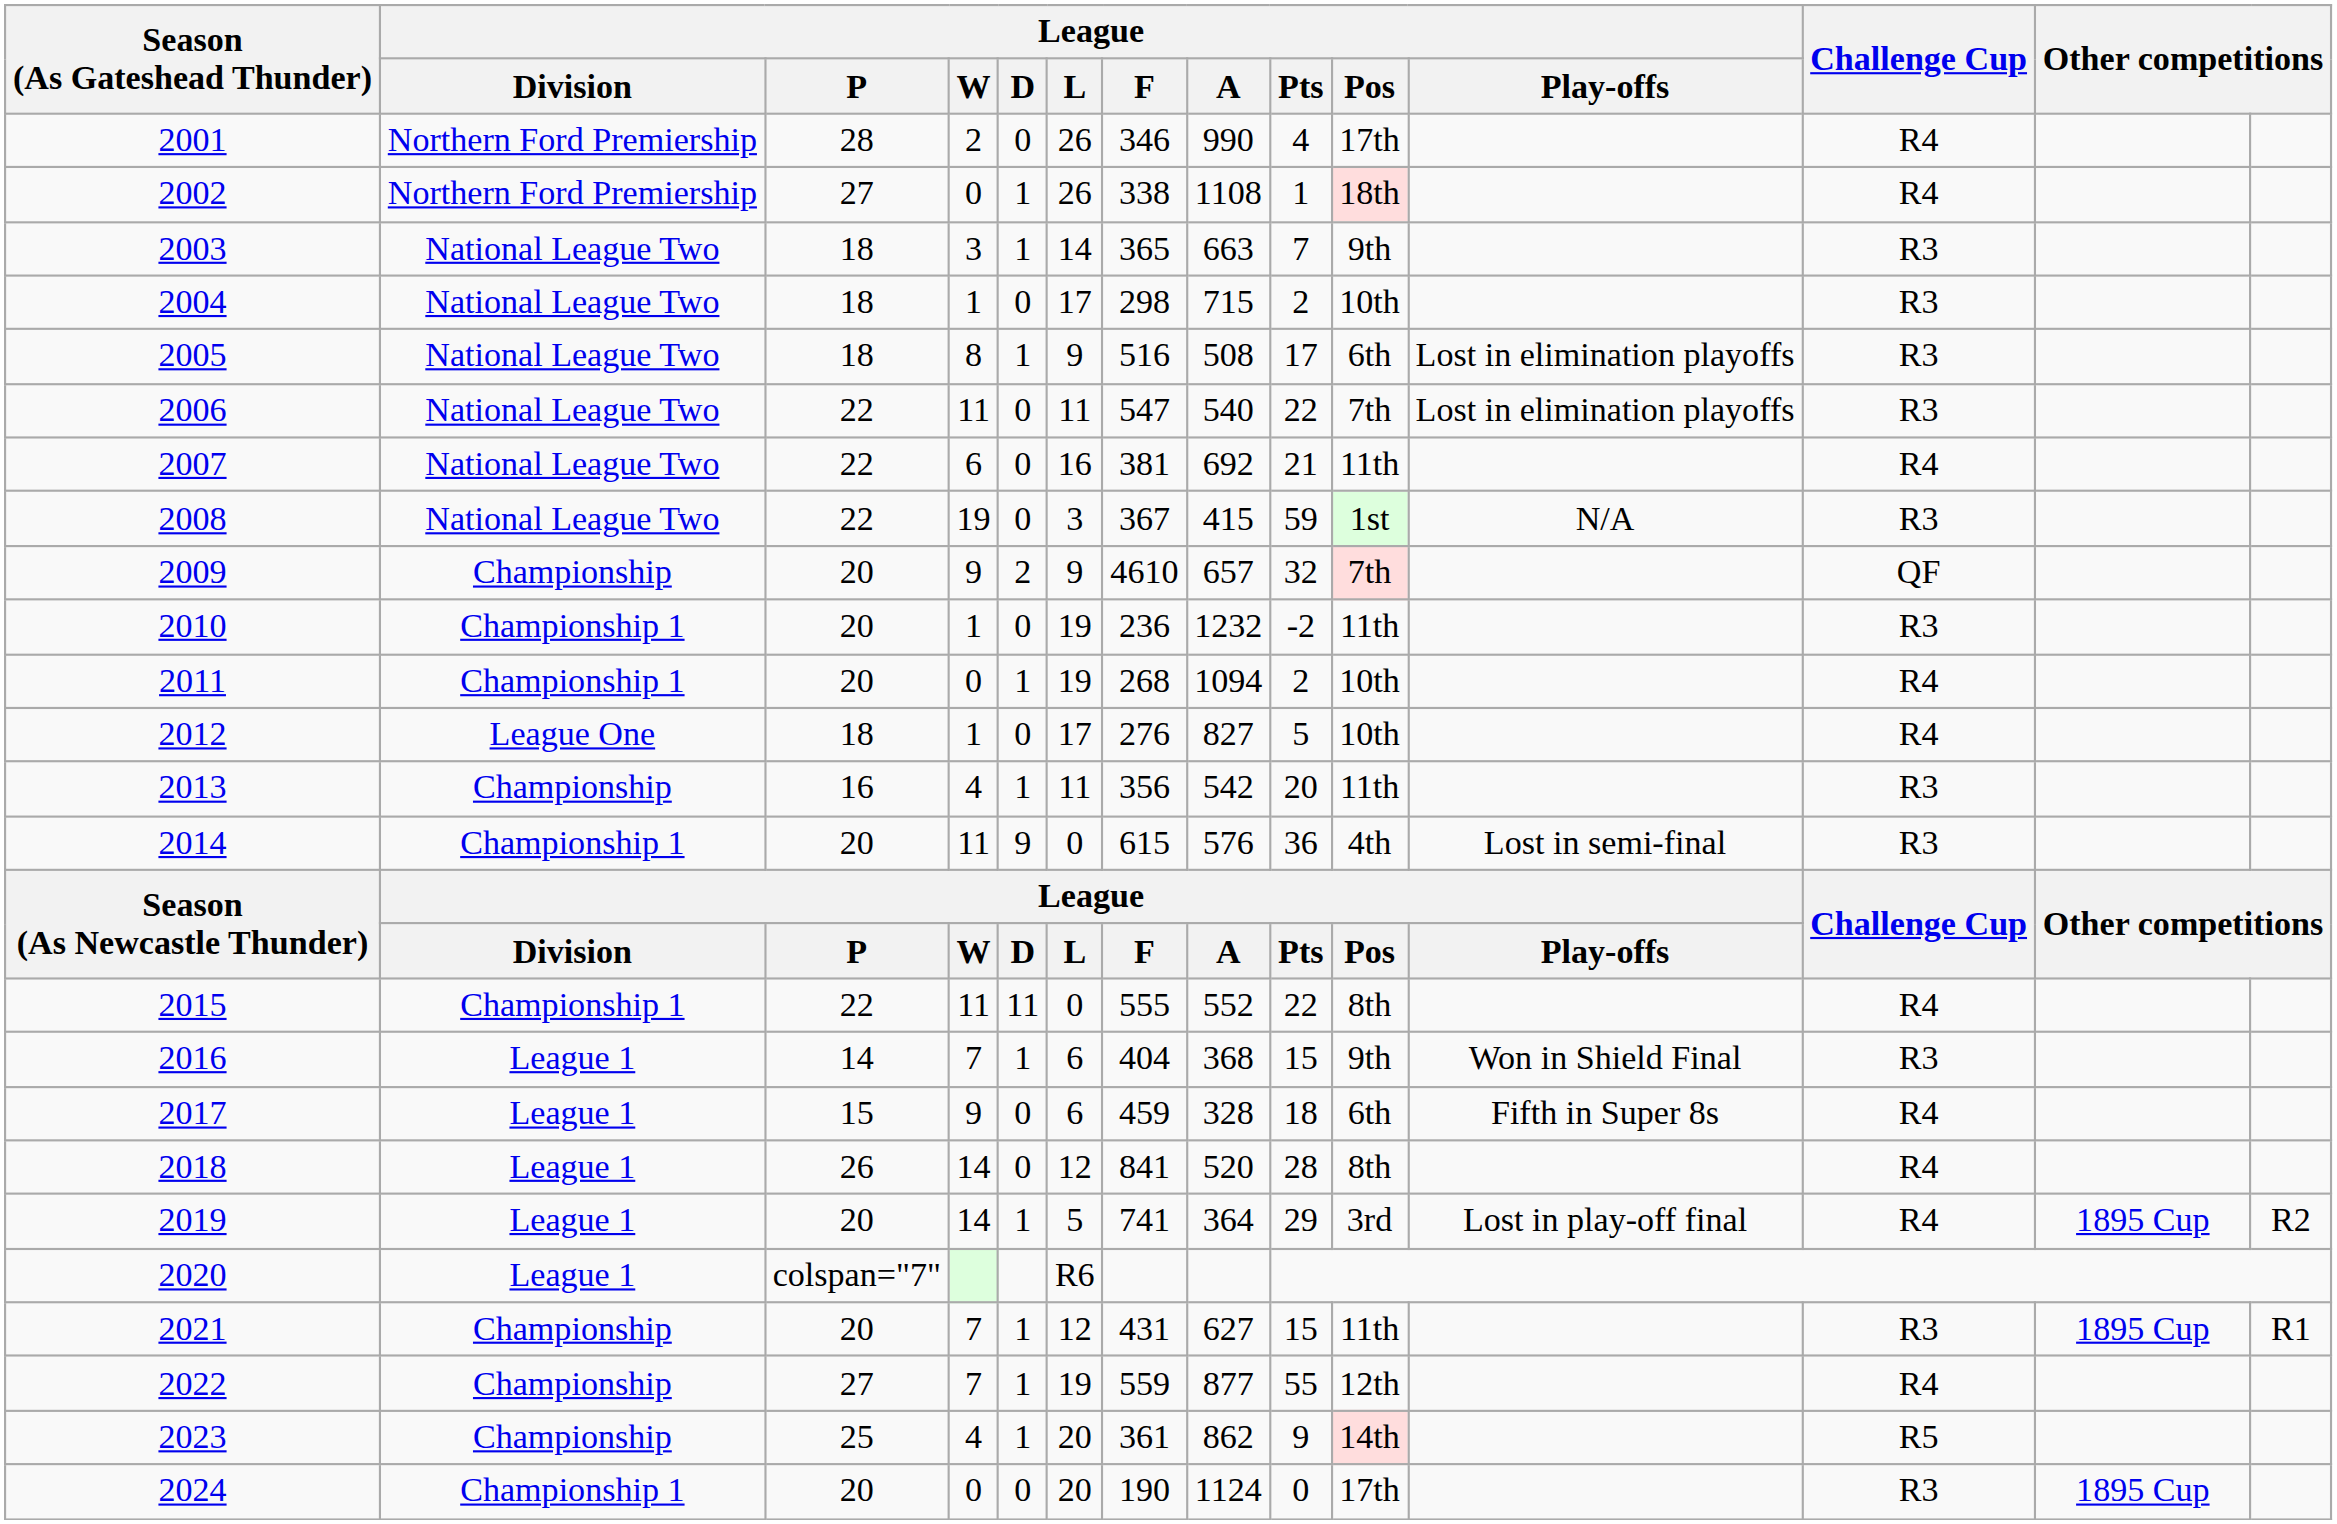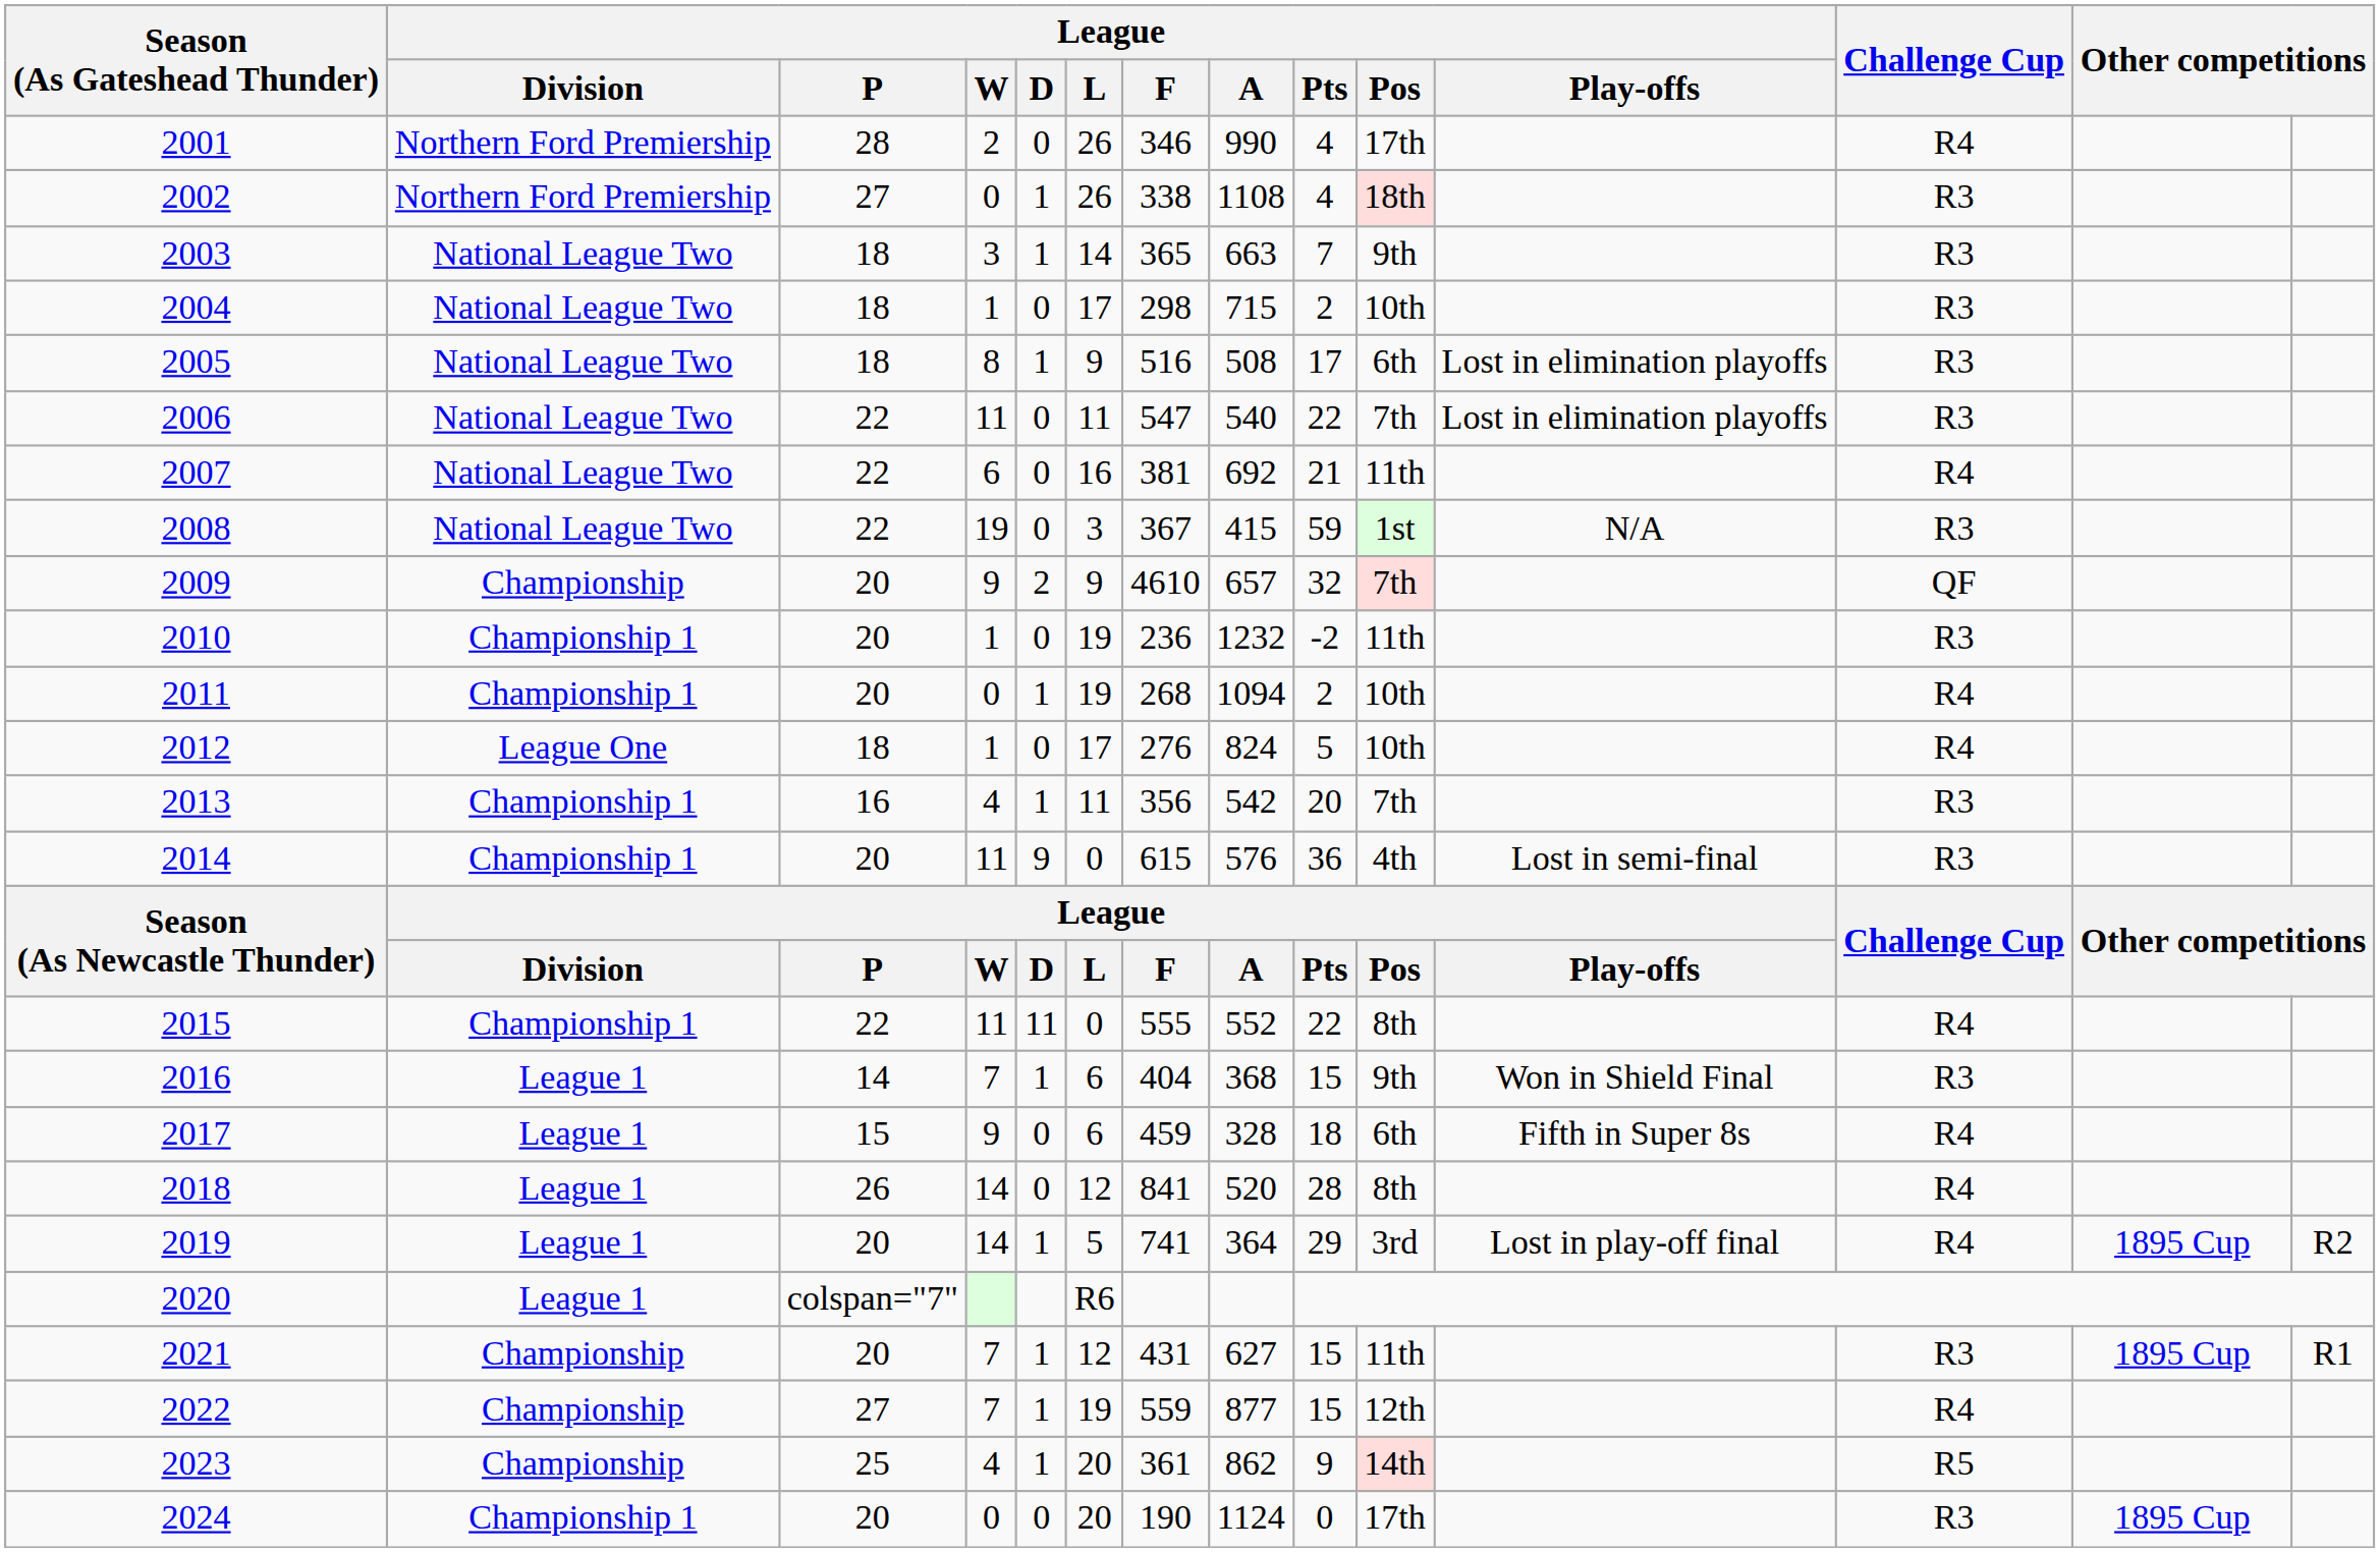 <table class="wikitable" style="text-align: center">
 <tr>
 <th rowspan=2>Season<br>(As  Gateshead Thunder)</th>
 <th colspan=10>League</th>
 <th rowspan=2><a href='#'>Challenge Cup</a></th>
 <th colspan="2" rowspan="2" scope="col">Other competitions</th>
 </tr>
 <tr>
 <th>Division</th>
 <th>P</th>
 <th>W</th>
 <th>D</th>
 <th>L</th>
 <th>F</th>
 <th>A</th>
 <th>Pts</th>
 <th>Pos</th>
 <th>Play-offs</th>
 </tr>
 <tr>
 <td><a href='#'>2001</a></td>
 <td><a href='#'>Northern Ford Premiership</a></td>
 <td>28</td>
 <td>2</td>
 <td>0</td>
 <td>26</td>
 <td>346</td>
 <td>990</td>
 <td>4</td>
 <td>17th</td>
 <td></td>
 <td>R4</td>
 <td></td>
 <td></td>
 </tr>
 <tr>
 <td><a href='#'>2002</a></td>
 <td><a href='#'>Northern Ford Premiership</a></td>
 <td>27</td>
 <td>0</td>
 <td>1</td>
 <td>26</td>
 <td>338</td>
 <td>1108</td>
-<td>1</td>
+<td>4</td>
 <td style="background:#ffdddd">18th</td>
 <td></td>
-<td>R4</td>
+<td>R3</td>
 <td></td>
 <td></td>
 </tr>
 <tr>
 <td><a href='#'>2003</a></td>
 <td><a href='#'>National League Two</a></td>
 <td>18</td>
 <td>3</td>
 <td>1</td>
 <td>14</td>
 <td>365</td>
 <td>663</td>
 <td>7</td>
 <td>9th</td>
 <td></td>
 <td>R3</td>
 <td></td>
 <td></td>
 </tr>
 <tr>
 <td><a href='#'>2004</a></td>
 <td><a href='#'>National League Two</a></td>
 <td>18</td>
 <td>1</td>
 <td>0</td>
 <td>17</td>
 <td>298</td>
 <td>715</td>
 <td>2</td>
 <td>10th</td>
 <td></td>
 <td>R3</td>
 <td></td>
 <td></td>
 </tr>
 <tr>
 <td><a href='#'>2005</a></td>
 <td><a href='#'>National League Two</a></td>
 <td>18</td>
 <td>8</td>
 <td>1</td>
 <td>9</td>
 <td>516</td>
 <td>508</td>
 <td>17</td>
 <td>6th</td>
 <td>Lost in elimination playoffs</td>
 <td>R3</td>
 <td></td>
 <td></td>
 </tr>
 <tr>
 <td><a href='#'>2006</a></td>
 <td><a href='#'>National League Two</a></td>
 <td>22</td>
 <td>11</td>
 <td>0</td>
 <td>11</td>
 <td>547</td>
 <td>540</td>
 <td>22</td>
 <td>7th</td>
 <td>Lost in elimination playoffs</td>
 <td>R3</td>
 <td></td>
 <td></td>
 </tr>
 <tr>
 <td><a href='#'>2007</a></td>
 <td><a href='#'>National League Two</a></td>
 <td>22</td>
 <td>6</td>
 <td>0</td>
 <td>16</td>
 <td>381</td>
 <td>692</td>
 <td>21</td>
 <td>11th</td>
 <td></td>
 <td>R4</td>
 <td></td>
 <td></td>
 </tr>
 <tr>
 <td><a href='#'>2008</a></td>
 <td><a href='#'>National League Two</a></td>
 <td>22</td>
 <td>19</td>
 <td>0</td>
 <td>3</td>
 <td>367</td>
 <td>415</td>
 <td>59</td>
 <td style="background:#ddffdd">1st</td>
 <td>N/A</td>
 <td>R3</td>
 <td></td>
 <td></td>
 </tr>
 <tr>
 <td><a href='#'>2009</a></td>
 <td><a href='#'>Championship</a></td>
 <td>20</td>
 <td>9</td>
 <td>2</td>
 <td>9</td>
 <td>4610</td>
 <td>657</td>
 <td>32</td>
 <td style="background:#ffdddd">7th</td>
 <td></td>
 <td>QF</td>
 <td></td>
 <td></td>
 </tr>
 <tr>
 <td><a href='#'>2010</a></td>
 <td><a href='#'>Championship 1</a></td>
 <td>20</td>
 <td>1</td>
 <td>0</td>
 <td>19</td>
 <td>236</td>
 <td>1232</td>
 <td>-2</td>
 <td>11th</td>
 <td></td>
 <td>R3</td>
 <td></td>
 <td></td>
 </tr>
 <tr>
 <td><a href='#'>2011</a></td>
 <td><a href='#'>Championship 1</a></td>
 <td>20</td>
 <td>0</td>
 <td>1</td>
 <td>19</td>
 <td>268</td>
 <td>1094</td>
 <td>2</td>
 <td>10th</td>
 <td></td>
 <td>R4</td>
 <td></td>
 <td></td>
 </tr>
 <tr>
 <td><a href='#'>2012</a></td>
 <td><a href='#'>League One</a></td>
 <td>18</td>
 <td>1</td>
 <td>0</td>
 <td>17</td>
 <td>276</td>
-<td>827</td>
+<td>824</td>
 <td>5</td>
 <td>10th</td>
 <td></td>
 <td>R4</td>
 <td></td>
 <td></td>
 </tr>
 <tr>
 <td><a href='#'>2013</a></td>
-<td><a href='#'>Championship</a></td>
+<td><a href='#'>Championship 1</a></td>
 <td>16</td>
 <td>4</td>
 <td>1</td>
 <td>11</td>
 <td>356</td>
 <td>542</td>
 <td>20</td>
-<td>11th</td>
+<td>7th</td>
 <td></td>
 <td>R3</td>
 <td></td>
 <td></td>
 </tr>
 <tr>
 <td><a href='#'>2014</a></td>
 <td><a href='#'>Championship 1</a></td>
 <td>20</td>
 <td>11</td>
 <td>9</td>
 <td>0</td>
 <td>615</td>
 <td>576</td>
 <td>36</td>
 <td>4th</td>
 <td>Lost in semi-final</td>
 <td>R3</td>
 <td></td>
 <td></td>
 </tr>
 <tr>
 <th rowspan=2>Season<br>(As  Newcastle Thunder)</th>
 <th colspan=10>League</th>
 <th rowspan=2><a href='#'>Challenge Cup</a></th>
 <th colspan="2" rowspan="2" scope="col">Other competitions</th>
 </tr>
 <tr>
 <th>Division</th>
 <th>P</th>
 <th>W</th>
 <th>D</th>
 <th>L</th>
 <th>F</th>
 <th>A</th>
 <th>Pts</th>
 <th>Pos</th>
 <th>Play-offs</th>
 </tr>
 <tr>
 <td><a href='#'>2015</a></td>
 <td><a href='#'>Championship 1</a></td>
 <td>22</td>
 <td>11</td>
 <td>11</td>
 <td>0</td>
 <td>555</td>
 <td>552</td>
 <td>22</td>
 <td>8th</td>
 <td></td>
 <td>R4</td>
 <td></td>
 <td></td>
 </tr>
 <tr>
 <td><a href='#'>2016</a></td>
 <td><a href='#'>League 1</a></td>
 <td>14</td>
 <td>7</td>
 <td>1</td>
 <td>6</td>
 <td>404</td>
 <td>368</td>
 <td>15</td>
 <td>9th</td>
 <td>Won in Shield Final</td>
 <td>R3</td>
 <td></td>
 <td></td>
 </tr>
 <tr>
 <td><a href='#'>2017</a></td>
 <td><a href='#'>League 1</a></td>
 <td>15</td>
 <td>9</td>
 <td>0</td>
 <td>6</td>
 <td>459</td>
 <td>328</td>
 <td>18</td>
 <td>6th</td>
 <td>Fifth in Super 8s</td>
 <td>R4</td>
 <td></td>
 <td></td>
 </tr>
 <tr>
 <td><a href='#'>2018</a></td>
 <td><a href='#'>League 1</a></td>
 <td>26</td>
 <td>14</td>
 <td>0</td>
 <td>12</td>
 <td>841</td>
 <td>520</td>
 <td>28</td>
 <td>8th</td>
 <td></td>
 <td>R4</td>
 <td></td>
 <td></td>
 </tr>
 <tr>
 <td><a href='#'>2019</a></td>
 <td><a href='#'>League 1</a></td>
 <td>20</td>
 <td>14</td>
 <td>1</td>
 <td>5</td>
 <td>741</td>
 <td>364</td>
 <td>29</td>
 <td>3rd</td>
 <td>Lost in play-off final</td>
 <td>R4</td>
 <td><a href='#'>1895 Cup</a></td>
 <td>R2</td>
 </tr>
 <tr>
 <td><a href='#'>2020</a></td>
 <td><a href='#'>League 1</a></td>
 <td>colspan="7"</td>
 <td style="background:#ddffdd"></td>
 <td></td>
 <td>R6</td>
 <td></td>
 <td></td>
 </tr>
 <tr>
 <td><a href='#'>2021</a></td>
 <td><a href='#'>Championship</a></td>
 <td>20</td>
 <td>7</td>
 <td>1</td>
 <td>12</td>
 <td>431</td>
 <td>627</td>
 <td>15</td>
 <td>11th</td>
 <td></td>
 <td>R3</td>
 <td><a href='#'>1895 Cup</a></td>
 <td>R1</td>
 </tr>
 <tr>
 <td><a href='#'>2022</a></td>
 <td><a href='#'>Championship</a></td>
 <td>27</td>
 <td>7</td>
 <td>1</td>
 <td>19</td>
 <td>559</td>
 <td>877</td>
-<td>55</td>
+<td>15</td>
 <td>12th</td>
 <td></td>
 <td>R4</td>
 <td></td>
 <td></td>
 </tr>
 <tr>
 <td><a href='#'>2023</a></td>
 <td><a href='#'>Championship</a></td>
 <td>25</td>
 <td>4</td>
 <td>1</td>
 <td>20</td>
 <td>361</td>
 <td>862</td>
 <td>9</td>
 <td style="background:#ffdddd">14th</td>
 <td></td>
 <td>R5</td>
 <td></td>
 <td></td>
 </tr>
 <tr>
 <td><a href='#'>2024</a></td>
 <td><a href='#'>Championship 1</a></td>
 <td>20</td>
 <td>0</td>
 <td>0</td>
 <td>20</td>
 <td>190</td>
 <td>1124</td>
 <td>0</td>
 <td>17th</td>
 <td></td>
 <td>R3</td>
 <td><a href='#'>1895 Cup</a></td>
 <td></td>
 </tr>
 </table>
